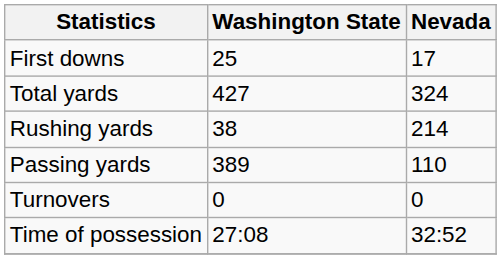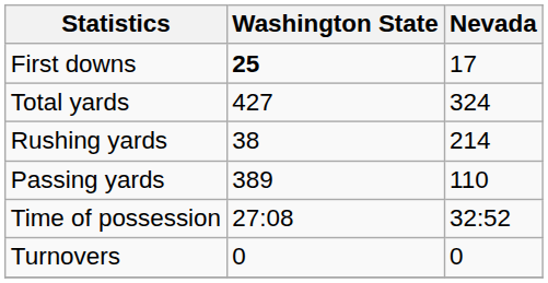 <table class="wikitable">
 <tr>
 <th>Statistics</th>
 <th>Washington State</th>
 <th>Nevada</th>
 </tr>
 <tr>
 <td>First downs</td>
-<td>25</td>
+<td><strong>25</strong></td>
 <td>17</td>
 </tr>
 <tr>
 <td>Total yards</td>
 <td>427</td>
 <td>324</td>
 </tr>
 <tr>
 <td>Rushing yards</td>
 <td>38</td>
 <td>214</td>
 </tr>
 <tr>
 <td>Passing yards</td>
 <td>389</td>
 <td>110</td>
 </tr>
 <tr>
+<td>Time of possession</td>
+<td>27:08</td>
+<td>32:52</td>
+</tr>
+<tr>
 <td>Turnovers</td>
 <td>0</td>
 <td>0</td>
 </tr>
 <tr>
-<td>Time of possession</td>
-<td>27:08</td>
-<td>32:52</td>
-</tr>
-<tr>
 </tr>
 </table>
